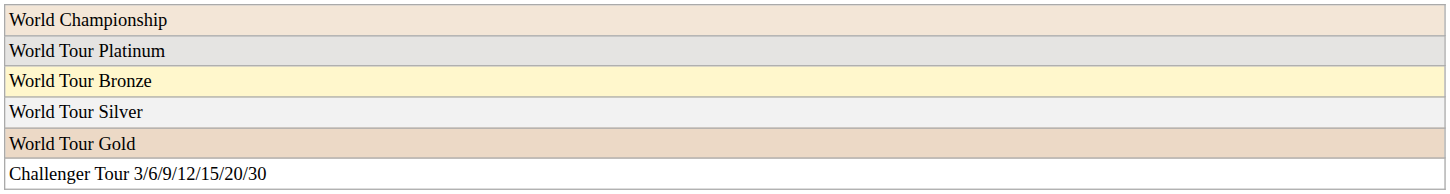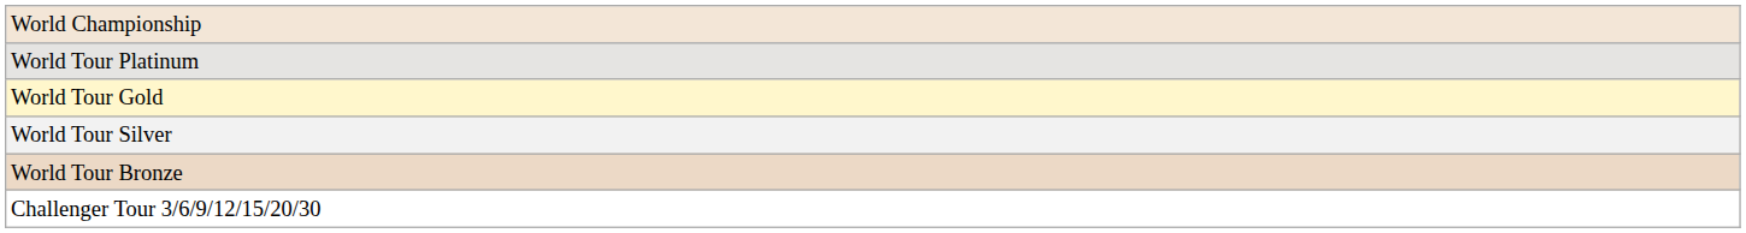 <table class=wikitable style=font-size:89%;width:70%>
 <tr style="background:#F3E6D7;">
 <td>World Championship</td>
 </tr>
 <tr style="background:#E5E4E2;">
 <td>World Tour Platinum</td>
 </tr>
 <tr style="background:#fff7cc;">
-<td>World Tour Bronze</td>
+<td>World Tour Gold</td>
 </tr>
 <tr style="background:#f2f2f2;">
 <td>World Tour Silver</td>
 </tr>
 <tr style="background:#ecd9c6;">
-<td>World Tour Gold</td>
+<td>World Tour Bronze</td>
 </tr>
 <tr style="background:#fff;">
 <td>Challenger Tour 3/6/9/12/15/20/30</td>
 </tr>
 </table>
